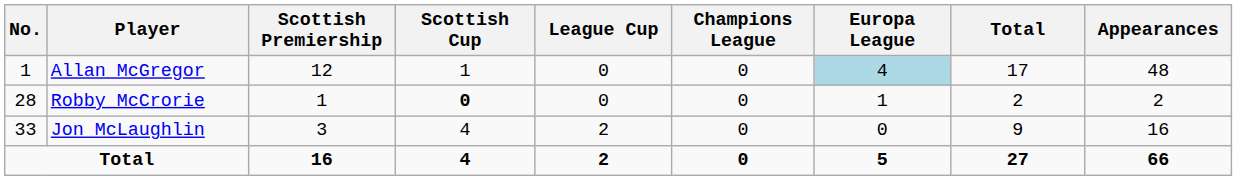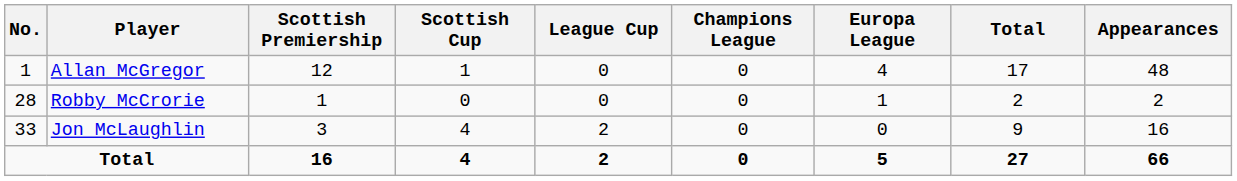 <table class="wikitable sortable alternance" ; style="text-align:center; ">
 <tr>
 <th width=10>No.</th>
 <th width=150>Player</th>
 <th width=100>Scottish Premiership</th>
 <th width=100>Scottish Cup</th>
 <th width=100>League Cup</th>
 <th width=100>Champions League</th>
 <th width=100>Europa League</th>
 <th width=100>Total</th>
 <th width=100>Appearances</th>
 </tr>
 <tr>
 <td>1</td>
 <td align="left"><a href='#'>Allan McGregor</a></td>
 <td>12</td>
 <td>1</td>
 <td>0</td>
 <td>0</td>
-<td style="background: lightblue;">4</td>
+<td>4</td>
 <td>17</td>
 <td>48</td>
 </tr>
 <tr>
 <td>28</td>
 <td align="left"><a href='#'>Robby McCrorie</a></td>
 <td>1</td>
-<td><strong>0</strong></td>
+<td>0</td>
 <td>0</td>
 <td>0</td>
 <td>1</td>
 <td>2</td>
 <td>2</td>
 </tr>
 <tr>
 <td>33</td>
 <td align="left"><a href='#'>Jon McLaughlin</a></td>
 <td>3</td>
 <td>4</td>
 <td>2</td>
 <td>0</td>
 <td>0</td>
 <td>9</td>
 <td>16</td>
 </tr>
 <tr class="sortbottom">
 <td colspan="2"><strong>Total</strong></td>
 <td><strong>16</strong></td>
 <td><strong>4</strong></td>
 <td><strong>2</strong></td>
 <td><strong>0</strong></td>
 <td><strong>5</strong></td>
 <td><strong>27</strong></td>
 <td><strong>66</strong></td>
 </tr>
 </table>
